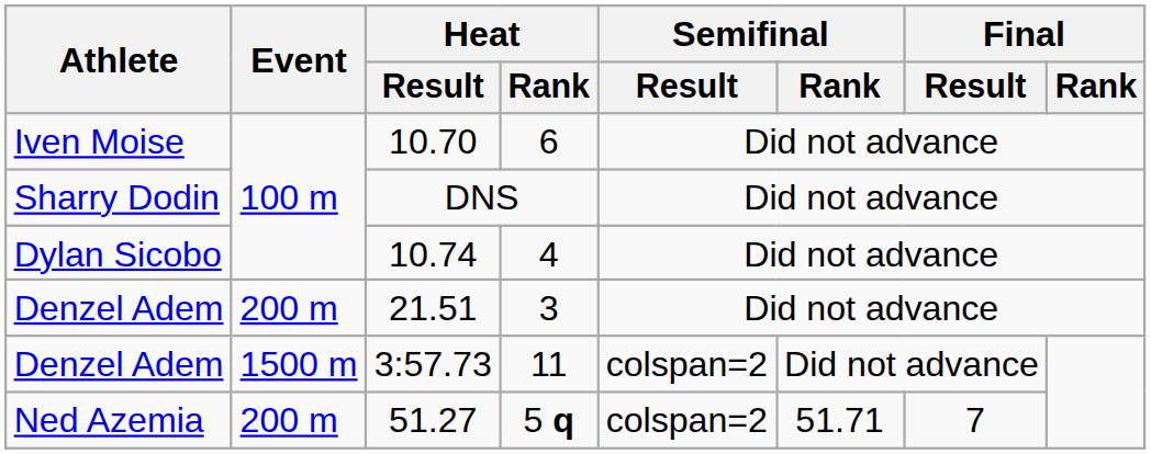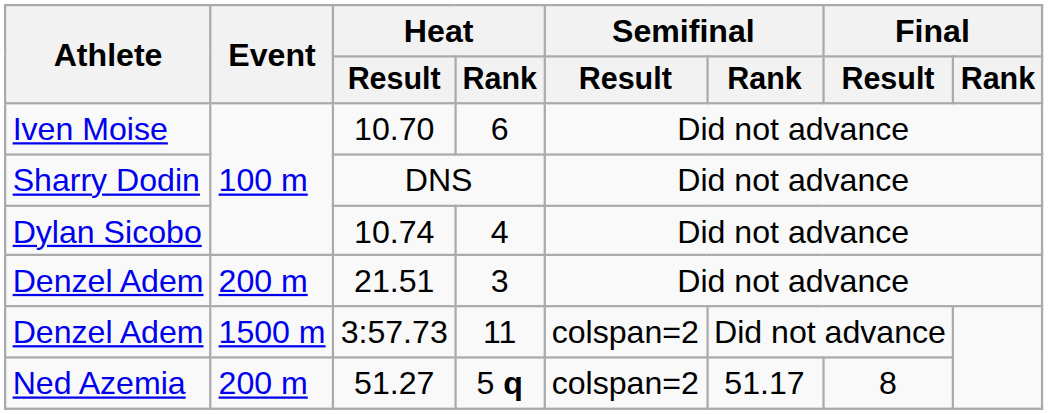 <table class="wikitable" style="font-size:90%; text-align:center">
 <tr>
 <th rowspan=2>Athlete</th>
 <th rowspan=2>Event</th>
 <th colspan=2>Heat</th>
 <th colspan=2>Semifinal</th>
 <th colspan=2>Final</th>
 </tr>
 <tr style="font-size:95%">
 <th>Result</th>
 <th>Rank</th>
 <th>Result</th>
 <th>Rank</th>
 <th>Result</th>
 <th>Rank</th>
 </tr>
 <tr>
 <td align=left><a href='#'>Iven Moise</a></td>
 <td align=left rowspan=3><a href='#'>100 m</a></td>
 <td>10.70</td>
 <td>6</td>
 <td colspan=4>Did not advance</td>
 </tr>
 <tr>
 <td align=left><a href='#'>Sharry Dodin</a></td>
 <td colspan=2>DNS</td>
 <td colspan=4>Did not advance</td>
 </tr>
 <tr>
 <td align=left><a href='#'>Dylan Sicobo</a></td>
 <td>10.74</td>
 <td>4</td>
 <td colspan=4>Did not advance</td>
 </tr>
 <tr>
 <td align=left><a href='#'>Denzel Adem</a></td>
 <td align=left rowspan=1><a href='#'>200 m</a></td>
 <td>21.51</td>
 <td>3</td>
 <td colspan=4>Did not advance</td>
 </tr>
 <tr>
 <td align=left><a href='#'>Denzel Adem</a></td>
 <td align=left rowspan=1><a href='#'>1500 m</a></td>
 <td>3:57.73</td>
 <td>11</td>
 <td>colspan=2 </td>
 <td colspan=2>Did not advance</td>
 </tr>
 <tr>
 <td align=left><a href='#'>Ned Azemia</a></td>
 <td align=left rowspan=1><a href='#'>200 m</a></td>
 <td>51.27</td>
 <td>5 <strong>q</strong></td>
 <td>colspan=2 </td>
-<td>51.71</td>
-<td>7</td>
+<td>51.17</td>
+<td>8</td>
 </tr>
 </table>
